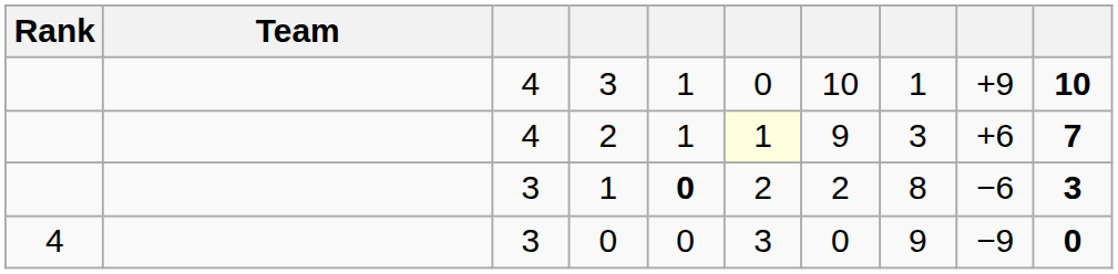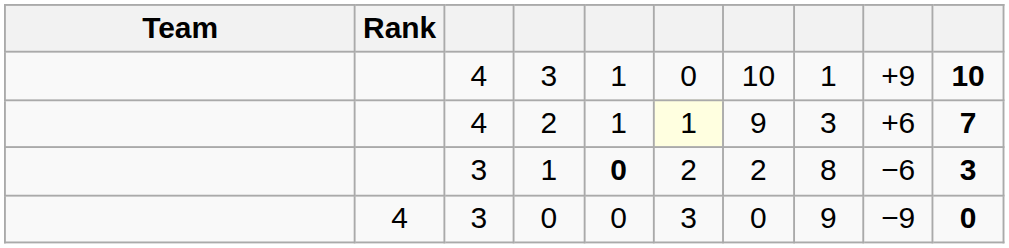 <table class="wikitable" style="text-align: center;">
 <tr>
+<th width=180>Team</th>
 <th width=40>Rank</th>
-<th width=180>Team</th>
 <th width=30></th>
 <th width=30></th>
 <th width=30></th>
 <th width=30></th>
 <th width=30></th>
 <th width=30></th>
 <th width=30></th>
 <th width=30></th>
 </tr>
 <tr>
+<td align=left></td>
 <td></td>
-<td align=left></td>
 <td>4</td>
 <td>3</td>
 <td>1</td>
 <td>0</td>
 <td>10</td>
 <td>1</td>
 <td>+9</td>
 <td><strong>10</strong></td>
 </tr>
 <tr>
+<td align=left></td>
 <td></td>
-<td align=left></td>
 <td>4</td>
 <td>2</td>
 <td>1</td>
 <td style="background: lightyellow;">1</td>
 <td>9</td>
 <td>3</td>
 <td>+6</td>
 <td><strong>7</strong></td>
 </tr>
 <tr>
+<td align=left></td>
 <td></td>
-<td align=left></td>
 <td>3</td>
 <td>1</td>
 <td><strong>0</strong></td>
 <td>2</td>
 <td>2</td>
 <td>8</td>
 <td>−6</td>
 <td><strong>3</strong></td>
 </tr>
 <tr>
+<td align=left></td>
 <td>4</td>
-<td align=left></td>
 <td>3</td>
 <td>0</td>
 <td>0</td>
 <td>3</td>
 <td>0</td>
 <td>9</td>
 <td>−9</td>
 <td><strong>0</strong></td>
 </tr>
 </table>
